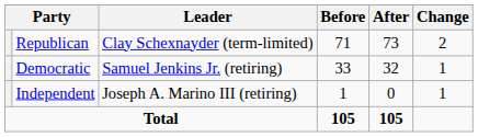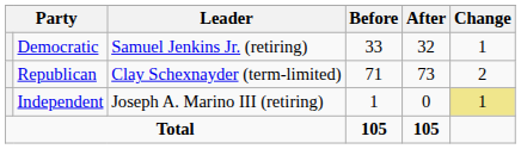 <table class="wikitable" style="text-align:center;">
 <tr>
 </tr>
 <tr>
 <th colspan=2>Party</th>
 <th>Leader</th>
 <th>Before</th>
 <th>After</th>
 <th>Change</th>
 </tr>
 <tr>
 <th style="background-color:"></th>
+<td style="text-align:left;"><a href='#'>Democratic</a></td>
+<td style="text-align:left;"><a href='#'>Samuel Jenkins Jr.</a> (retiring)</td>
+<td>33</td>
+<td>32</td>
+<td>1</td>
+</tr>
+<tr>
+<th style="background-color:"></th>
 <td style="text-align:left;"><a href='#'>Republican</a></td>
 <td style="text-align:left;"><a href='#'>Clay Schexnayder</a> (term-limited)</td>
 <td>71</td>
 <td>73</td>
 <td>2</td>
 </tr>
 <tr>
 <th style="background-color:"></th>
-<td style="text-align:left;"><a href='#'>Democratic</a></td>
-<td style="text-align:left;"><a href='#'>Samuel Jenkins Jr.</a> (retiring)</td>
-<td>33</td>
-<td>32</td>
-<td>1</td>
-</tr>
-<tr>
-<th style="background-color:"></th>
 <td style="text-align:left;"><a href='#'>Independent</a></td>
 <td style="text-align:left;">Joseph A. Marino III (retiring)</td>
 <td>1</td>
 <td>0</td>
-<td>1</td>
+<td style="background: khaki;">1</td>
 </tr>
 <tr>
 <td colspan=3><strong>Total</strong></td>
 <td><strong>105</strong></td>
 <td><strong>105</strong></td>
 </tr>
 </table>
